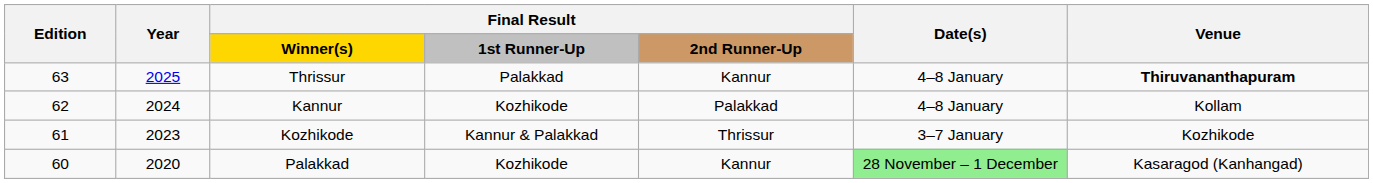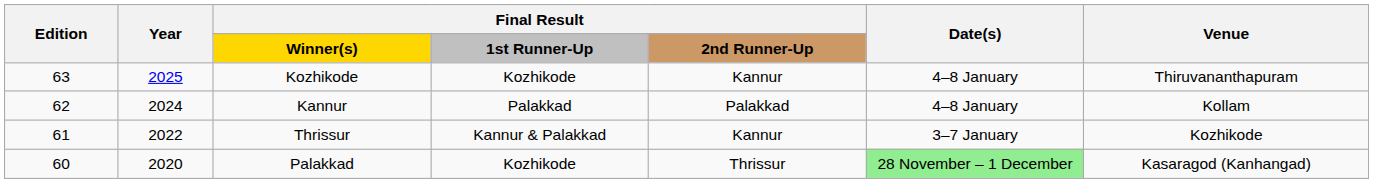 <table class="wikitable" style="text-align:center; line-height:20px; font-size:90%; width:100%;">
 <tr>
 <th rowspan="2"  width=30px>Edition</th>
 <th rowspan="2"  width=40px>Year</th>
 <th colspan="3"  width=90px>Final Result</th>
 <th rowspan="2"  width=100px>Date(s)</th>
 <th rowspan="2"  width=70px>Venue</th>
 </tr>
 <tr>
 <th width=100px style="background:gold;">Winner(s)</th>
 <th width=100px style="background:silver;">1st Runner-Up</th>
 <th width=100px style="background:#c96;">2nd Runner-Up</th>
 </tr>
 <tr>
 <td>63</td>
 <td><a href='#'>2025</a></td>
-<td>Thrissur</td>
-<td>Palakkad</td>
+<td>Kozhikode</td>
+<td>Kozhikode</td>
 <td>Kannur</td>
 <td>4–8 January</td>
-<td><strong>Thiruvananthapuram</strong></td>
+<td>Thiruvananthapuram</td>
 </tr>
 <tr>
 <td>62</td>
 <td>2024</td>
 <td>Kannur</td>
-<td>Kozhikode</td>
+<td>Palakkad</td>
 <td>Palakkad</td>
 <td>4–8 January</td>
 <td>Kollam</td>
 </tr>
 <tr>
 <td>61</td>
-<td>2023</td>
-<td>Kozhikode</td>
+<td>2022</td>
+<td>Thrissur</td>
 <td>Kannur & Palakkad</td>
-<td>Thrissur</td>
+<td>Kannur</td>
 <td>3–7 January</td>
 <td>Kozhikode</td>
 </tr>
 <tr>
 <td>60</td>
 <td>2020</td>
 <td>Palakkad</td>
 <td>Kozhikode</td>
-<td>Kannur</td>
+<td>Thrissur</td>
 <td style="background: lightgreen;">28 November – 1 December</td>
 <td>Kasaragod (Kanhangad)</td>
 </tr>
 </table>
